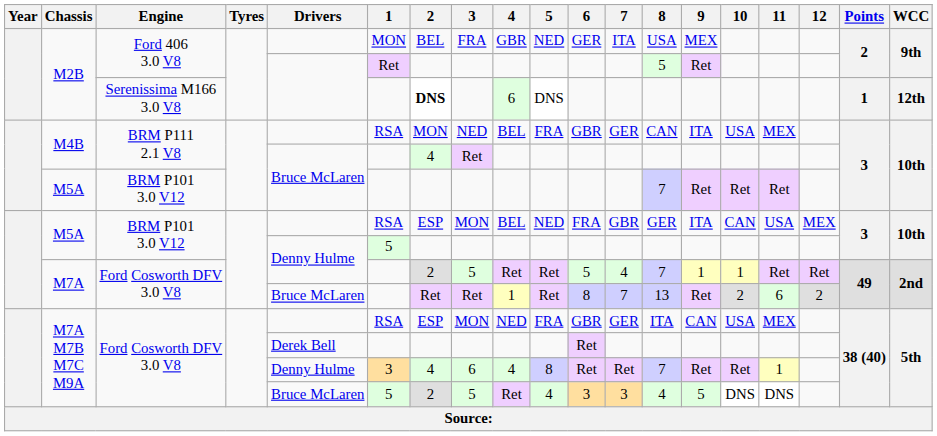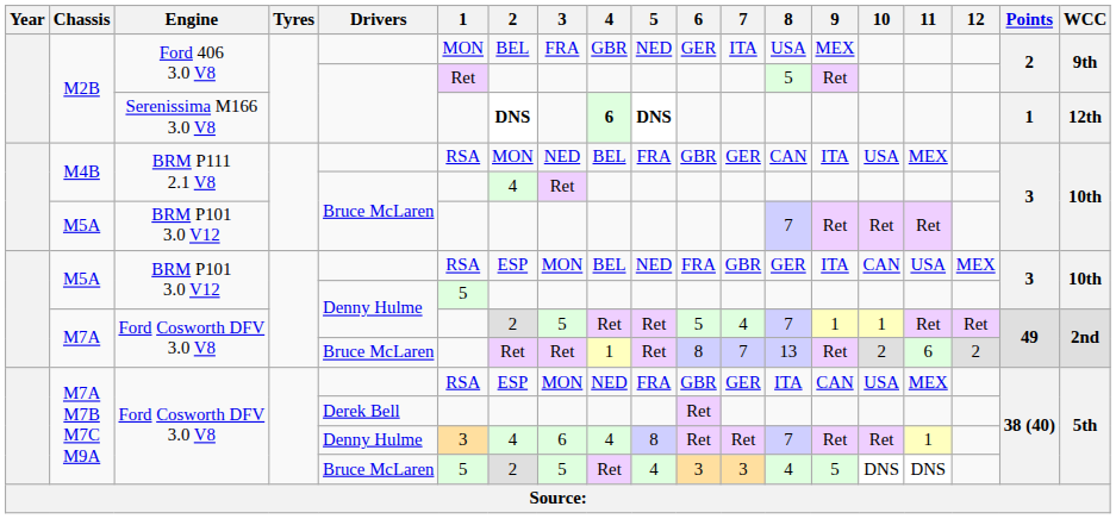 <table class="wikitable" style="text-align:center; font-size:85%">
 <tr>
 <th>Year</th>
 <th>Chassis</th>
 <th>Engine</th>
 <th>Tyres</th>
 <th>Drivers</th>
 <th>1</th>
 <th>2</th>
 <th>3</th>
 <th>4</th>
 <th>5</th>
 <th>6</th>
 <th>7</th>
 <th>8</th>
 <th>9</th>
 <th>10</th>
 <th>11</th>
 <th>12</th>
 <th><a href='#'>Points</a></th>
 <th>WCC</th>
 </tr>
 <tr>
 <th rowspan=3></th>
 <td rowspan=3><a href='#'>M2B</a></td>
 <td rowspan=2><a href='#'>Ford</a> 406<br>3.0 <a href='#'>V8</a></td>
 <td rowspan=3></td>
 <td></td>
 <td><a href='#'>MON</a></td>
 <td><a href='#'>BEL</a></td>
 <td><a href='#'>FRA</a></td>
 <td><a href='#'>GBR</a></td>
 <td><a href='#'>NED</a></td>
 <td><a href='#'>GER</a></td>
 <td><a href='#'>ITA</a></td>
 <td><a href='#'>USA</a></td>
 <td><a href='#'>MEX</a></td>
 <td></td>
 <td></td>
 <td></td>
 <th rowspan=2>2</th>
 <th rowspan=2>9th</th>
 </tr>
 <tr>
 <td align="left" rowspan=2></td>
 <td style="background:#efcfff">Ret</td>
 <td></td>
 <td></td>
 <td></td>
 <td></td>
 <td></td>
 <td></td>
 <td style="background:#dfffdf">5</td>
 <td style="background:#efcfff">Ret</td>
 <td></td>
 <td></td>
 <td></td>
 </tr>
 <tr>
 <td nowrap><a href='#'>Serenissima</a> M166<br>3.0 <a href='#'>V8</a></td>
 <td></td>
 <td style="background:#ffffff"><strong>DNS</strong></td>
 <td></td>
-<td style="background:#dfffdf">6</td>
-<td style="background:#ffffff">DNS</td>
+<td style="background:#dfffdf"><strong>6</strong></td>
+<td style="background:#ffffff"><strong>DNS</strong></td>
 <td></td>
 <td></td>
 <td></td>
 <td></td>
 <td></td>
 <td></td>
 <td></td>
 <th>1</th>
 <th>12th</th>
 </tr>
 <tr>
 <th rowspan=3></th>
 <td rowspan=2><a href='#'>M4B</a></td>
 <td rowspan=2><a href='#'>BRM</a> P111<br>2.1 <a href='#'>V8</a></td>
 <td rowspan=3></td>
 <td></td>
 <td><a href='#'>RSA</a></td>
 <td><a href='#'>MON</a></td>
 <td><a href='#'>NED</a></td>
 <td><a href='#'>BEL</a></td>
 <td><a href='#'>FRA</a></td>
 <td><a href='#'>GBR</a></td>
 <td><a href='#'>GER</a></td>
 <td><a href='#'>CAN</a></td>
 <td><a href='#'>ITA</a></td>
 <td><a href='#'>USA</a></td>
 <td><a href='#'>MEX</a></td>
 <td></td>
 <th rowspan=3>3</th>
 <th rowspan=3>10th</th>
 </tr>
 <tr>
 <td align="left" rowspan="2"> <a href='#'>Bruce McLaren</a></td>
 <td></td>
 <td style="background:#dfffdf">4</td>
 <td style="background:#efcfff">Ret</td>
 <td></td>
 <td></td>
 <td></td>
 <td></td>
 <td></td>
 <td></td>
 <td></td>
 <td></td>
 <td></td>
 </tr>
 <tr>
 <td><a href='#'>M5A</a></td>
 <td><a href='#'>BRM</a> P101<br>3.0 <a href='#'>V12</a></td>
 <td></td>
 <td></td>
 <td></td>
 <td></td>
 <td></td>
 <td></td>
 <td></td>
 <td style="background:#cfcfff">7</td>
 <td style="background:#efcfff">Ret</td>
 <td style="background:#efcfff">Ret</td>
 <td style="background:#efcfff">Ret</td>
 <td></td>
 </tr>
 <tr>
 <th rowspan=4></th>
 <td rowspan=2><a href='#'>M5A</a></td>
 <td rowspan=2><a href='#'>BRM</a> P101<br>3.0 <a href='#'>V12</a></td>
 <td rowspan=4></td>
 <td></td>
 <td><a href='#'>RSA</a></td>
 <td><a href='#'>ESP</a></td>
 <td><a href='#'>MON</a></td>
 <td><a href='#'>BEL</a></td>
 <td><a href='#'>NED</a></td>
 <td><a href='#'>FRA</a></td>
 <td><a href='#'>GBR</a></td>
 <td><a href='#'>GER</a></td>
 <td><a href='#'>ITA</a></td>
 <td><a href='#'>CAN</a></td>
 <td><a href='#'>USA</a></td>
 <td><a href='#'>MEX</a></td>
 <th rowspan=2>3</th>
 <th rowspan=2>10th</th>
 </tr>
 <tr>
 <td rowspan="2" align="left"> <a href='#'>Denny Hulme</a></td>
 <td style="background:#dfffdf">5</td>
 <td></td>
 <td></td>
 <td></td>
 <td></td>
 <td></td>
 <td></td>
 <td></td>
 <td></td>
 <td></td>
 <td></td>
 <td></td>
 </tr>
 <tr>
 <td rowspan=2><a href='#'>M7A</a></td>
 <td rowspan=2><a href='#'>Ford</a> <a href='#'>Cosworth DFV</a><br>3.0 <a href='#'>V8</a></td>
 <td></td>
 <td style="background:#dfdfdf">2</td>
 <td style="background:#dfffdf">5</td>
 <td style="background:#efcfff">Ret</td>
 <td style="background:#efcfff">Ret</td>
 <td style="background:#dfffdf">5</td>
 <td style="background:#dfffdf">4</td>
 <td style="background:#cfcfff">7</td>
 <td style="background:#ffffbf">1</td>
 <td style="background:#ffffbf">1</td>
 <td style="background:#efcfff">Ret</td>
 <td style="background:#efcfff">Ret</td>
 <td rowspan=2 style="background:#dfdfdf"><strong>49</strong></td>
 <td rowspan=2 style="background:#dfdfdf"><strong>2nd</strong></td>
 </tr>
 <tr>
 <td align="left"> <a href='#'>Bruce McLaren</a></td>
 <td></td>
 <td style="background:#efcfff">Ret</td>
 <td style="background:#efcfff">Ret</td>
 <td style="background:#ffffbf">1</td>
 <td style="background:#efcfff">Ret</td>
 <td style="background:#cfcfff">8</td>
 <td style="background:#cfcfff">7</td>
 <td style="background:#cfcfff">13</td>
 <td style="background:#efcfff">Ret</td>
 <td style="background:#dfdfdf">2</td>
 <td style="background:#dfffdf">6</td>
 <td style="background:#dfdfdf">2</td>
 </tr>
 <tr>
 <th rowspan=4></th>
 <td rowspan=4><a href='#'>M7A</a><br><a href='#'>M7B</a><br><a href='#'>M7C</a><br><a href='#'>M9A</a></td>
 <td rowspan=4><a href='#'>Ford</a> <a href='#'>Cosworth DFV</a><br>3.0 <a href='#'>V8</a></td>
 <td rowspan=4></td>
 <td></td>
 <td><a href='#'>RSA</a></td>
 <td><a href='#'>ESP</a></td>
 <td><a href='#'>MON</a></td>
 <td><a href='#'>NED</a></td>
 <td><a href='#'>FRA</a></td>
 <td><a href='#'>GBR</a></td>
 <td><a href='#'>GER</a></td>
 <td><a href='#'>ITA</a></td>
 <td><a href='#'>CAN</a></td>
 <td><a href='#'>USA</a></td>
 <td><a href='#'>MEX</a></td>
 <td></td>
 <th rowspan=4>38 (40)</th>
 <th rowspan=4>5th</th>
 </tr>
 <tr>
 <td align="left"> <a href='#'>Derek Bell</a></td>
 <td></td>
 <td></td>
 <td></td>
 <td></td>
 <td></td>
 <td style="background:#efcfff">Ret</td>
 <td></td>
 <td></td>
 <td></td>
 <td></td>
 <td></td>
 <td></td>
 </tr>
 <tr>
 <td align="left"> <a href='#'>Denny Hulme</a></td>
 <td style="background:#ffdf9f">3</td>
 <td style="background:#dfffdf">4</td>
 <td style="background:#dfffdf">6</td>
 <td style="background:#dfffdf">4</td>
 <td style="background:#cfcfff">8</td>
 <td style="background:#efcfff">Ret</td>
 <td style="background:#efcfff">Ret</td>
 <td style="background:#cfcfff">7</td>
 <td style="background:#efcfff">Ret</td>
 <td style="background:#efcfff">Ret</td>
 <td style="background:#ffffbf">1</td>
 <td></td>
 </tr>
 <tr>
 <td align="left"> <a href='#'>Bruce McLaren</a></td>
 <td style="background:#dfffdf">5</td>
 <td style="background:#dfdfdf">2</td>
 <td style="background:#dfffdf">5</td>
 <td style="background:#efcfff">Ret</td>
 <td style="background:#dfffdf">4</td>
 <td style="background:#ffdf9f">3</td>
 <td style="background:#ffdf9f">3</td>
 <td style="background:#dfffdf">4</td>
 <td style="background:#dfffdf">5</td>
 <td style="background:#ffffff">DNS</td>
 <td style="background:#ffffff">DNS</td>
 <td></td>
 </tr>
 <tr>
 <th colspan="19">Source:</th>
 </tr>
 </table>
